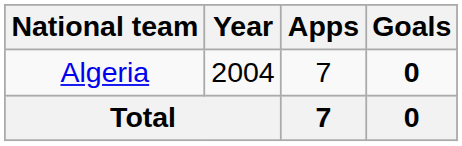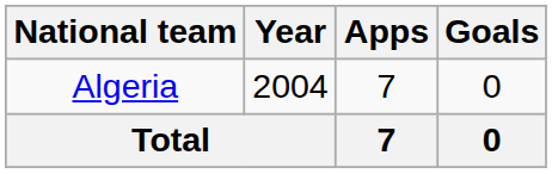 <table class="wikitable" style="text-align:center">
 <tr>
 <th>National team</th>
 <th>Year</th>
 <th>Apps</th>
 <th>Goals</th>
 </tr>
 <tr>
 <td rowspan="1"><a href='#'>Algeria</a></td>
 <td>2004</td>
 <td>7</td>
-<td><strong>0</strong></td>
+<td>0</td>
 </tr>
 <tr>
 <th colspan="2">Total</th>
 <th>7</th>
 <th>0</th>
 </tr>
 </table>
